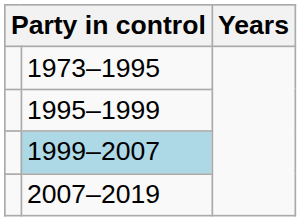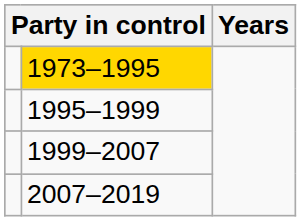 <table class="wikitable">
 <tr>
 <th colspan="2">Party in control</th>
 <th>Years</th>
 </tr>
 <tr>
 <td></td>
-<td>1973–1995</td>
+<td style="background: gold;">1973–1995</td>
 </tr>
 <tr>
 <td></td>
 <td>1995–1999</td>
 </tr>
 <tr>
 <td></td>
-<td style="background: lightblue;">1999–2007</td>
+<td>1999–2007</td>
 </tr>
 <tr>
 <td></td>
 <td>2007–2019</td>
 </tr>
 </table>
